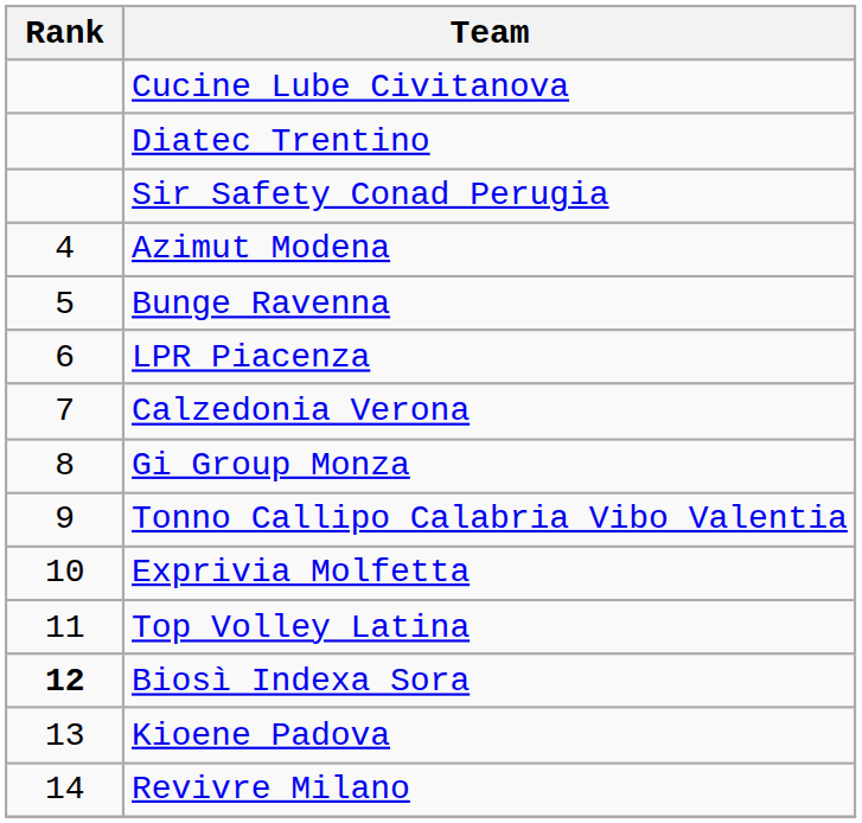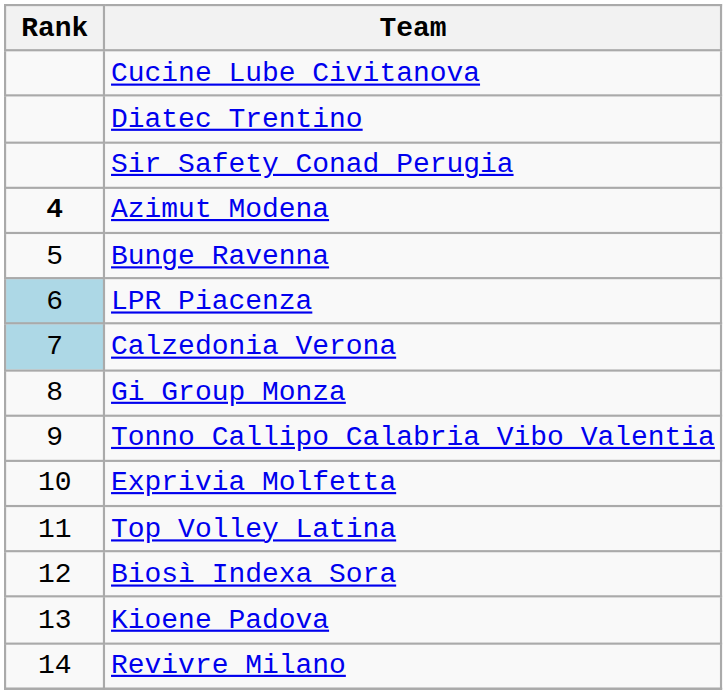 <table class="wikitable" style="text-align: center;">
 <tr>
 <th width=40>Rank</th>
 <th>Team</th>
 </tr>
 <tr>
 <td></td>
 <td align=left><a href='#'>Cucine Lube Civitanova</a></td>
 </tr>
 <tr>
 <td></td>
 <td align=left><a href='#'>Diatec Trentino</a></td>
 </tr>
 <tr>
 <td></td>
 <td align=left><a href='#'>Sir Safety Conad Perugia</a></td>
 </tr>
 <tr>
-<td>4</td>
+<td><strong>4</strong></td>
 <td align=left><a href='#'>Azimut Modena</a></td>
 </tr>
 <tr>
 <td>5</td>
 <td align=left><a href='#'>Bunge Ravenna</a></td>
 </tr>
 <tr>
-<td>6</td>
+<td style="background: lightblue;">6</td>
 <td align=left><a href='#'>LPR Piacenza</a></td>
 </tr>
 <tr>
-<td>7</td>
+<td style="background: lightblue;">7</td>
 <td align=left><a href='#'>Calzedonia Verona</a></td>
 </tr>
 <tr>
 <td>8</td>
 <td align=left><a href='#'>Gi Group Monza</a></td>
 </tr>
 <tr>
 <td>9</td>
 <td align=left><a href='#'>Tonno Callipo Calabria Vibo Valentia</a></td>
 </tr>
 <tr>
 <td>10</td>
 <td align=left><a href='#'>Exprivia Molfetta</a></td>
 </tr>
 <tr>
 <td>11</td>
 <td align=left><a href='#'>Top Volley Latina</a></td>
 </tr>
 <tr>
-<td><strong>12</strong></td>
+<td>12</td>
 <td align=left><a href='#'>Biosì Indexa Sora</a></td>
 </tr>
 <tr>
 <td>13</td>
 <td align=left><a href='#'>Kioene Padova</a></td>
 </tr>
 <tr>
 <td>14</td>
 <td align=left><a href='#'>Revivre Milano</a></td>
 </tr>
 <tr>
 </tr>
 </table>
